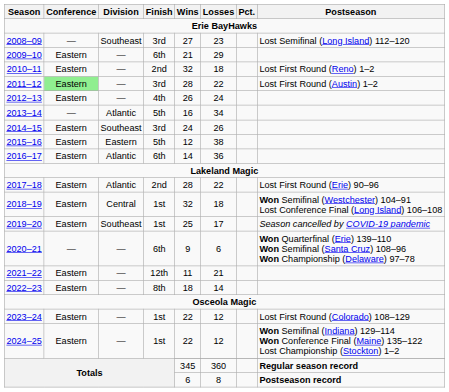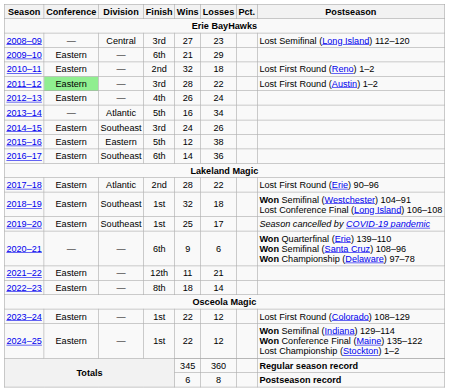 <table class="wikitable" style="font-size:95%; text-align:center">
 <tr>
 <th>Season</th>
 <th>Conference</th>
 <th>Division</th>
 <th>Finish</th>
 <th>Wins</th>
 <th>Losses</th>
 <th>Pct.</th>
 <th>Postseason</th>
 </tr>
 <tr>
 <td colspan=8><strong>Erie BayHawks</strong></td>
 </tr>
 <tr>
 <td><a href='#'>2008–09</a></td>
 <td>—</td>
-<td>Southeast</td>
+<td>Central</td>
 <td>3rd</td>
 <td>27</td>
 <td>23</td>
 <td></td>
 <td align=left>Lost Semifinal (<a href='#'>Long Island</a>) 112–120</td>
 </tr>
 <tr>
 <td><a href='#'>2009–10</a></td>
 <td>Eastern</td>
 <td>—</td>
 <td>6th</td>
 <td>21</td>
 <td>29</td>
 <td></td>
 <td></td>
 </tr>
 <tr>
 <td><a href='#'>2010–11</a></td>
 <td>Eastern</td>
 <td>—</td>
 <td>2nd</td>
 <td>32</td>
 <td>18</td>
 <td></td>
 <td align=left>Lost First Round (<a href='#'>Reno</a>) 1–2</td>
 </tr>
 <tr>
 <td><a href='#'>2011–12</a></td>
 <td style="background: lightgreen;">Eastern</td>
 <td>—</td>
 <td>3rd</td>
 <td>28</td>
 <td>22</td>
 <td></td>
 <td align=left>Lost First Round (<a href='#'>Austin</a>) 1–2</td>
 </tr>
 <tr>
 <td><a href='#'>2012–13</a></td>
 <td>Eastern</td>
 <td>—</td>
 <td>4th</td>
 <td>26</td>
 <td>24</td>
 <td></td>
 <td></td>
 </tr>
 <tr>
 <td><a href='#'>2013–14</a></td>
 <td>—</td>
 <td>Atlantic</td>
 <td>5th</td>
 <td>16</td>
 <td>34</td>
 <td></td>
 <td></td>
 </tr>
 <tr>
 <td><a href='#'>2014–15</a></td>
 <td>Eastern</td>
 <td>Southeast</td>
 <td>3rd</td>
 <td>24</td>
 <td>26</td>
 <td></td>
 <td></td>
 </tr>
 <tr>
 <td><a href='#'>2015–16</a></td>
 <td>Eastern</td>
 <td>Eastern</td>
 <td>5th</td>
 <td>12</td>
 <td>38</td>
 <td></td>
 <td></td>
 </tr>
 <tr>
 <td><a href='#'>2016–17</a></td>
 <td>Eastern</td>
-<td>Atlantic</td>
+<td>Southeast</td>
 <td>6th</td>
 <td>14</td>
 <td>36</td>
 <td></td>
 <td></td>
 </tr>
 <tr>
 <td colspan=8 style="text-align:center; "><strong>Lakeland Magic</strong></td>
 </tr>
 <tr>
 <td><a href='#'>2017–18</a></td>
 <td>Eastern</td>
 <td>Atlantic</td>
 <td>2nd</td>
 <td>28</td>
 <td>22</td>
 <td></td>
 <td align=left>Lost First Round (<a href='#'>Erie</a>) 90–96</td>
 </tr>
 <tr>
 <td><a href='#'>2018–19</a></td>
 <td>Eastern</td>
-<td>Central</td>
+<td>Southeast</td>
 <td>1st</td>
 <td>32</td>
 <td>18</td>
 <td></td>
 <td align=left><strong>Won</strong> Semifinal (<a href='#'>Westchester</a>) 104–91<br>Lost Conference Final (<a href='#'>Long Island</a>) 106–108</td>
 </tr>
 <tr>
 <td><a href='#'>2019–20</a></td>
 <td>Eastern</td>
 <td>Southeast</td>
 <td>1st</td>
 <td>25</td>
 <td>17</td>
 <td></td>
 <td align=left><em>Season cancelled by <a href='#'>COVID-19 pandemic</a></em></td>
 </tr>
 <tr>
 <td><a href='#'>2020–21</a></td>
 <td>—</td>
 <td>—</td>
 <td>6th</td>
 <td>9</td>
 <td>6</td>
 <td></td>
 <td align=left><strong>Won</strong> Quarterfinal (<a href='#'>Erie</a>) 139–110<br><strong>Won</strong> Semifinal (<a href='#'>Santa Cruz</a>) 108–96<br><strong>Won</strong> Championship (<a href='#'>Delaware</a>) 97–78</td>
 </tr>
 <tr>
 <td><a href='#'>2021–22</a></td>
 <td>Eastern</td>
 <td>—</td>
 <td>12th</td>
 <td>11</td>
 <td>21</td>
 <td></td>
 <td></td>
 </tr>
 <tr>
 <td><a href='#'>2022–23</a></td>
 <td>Eastern</td>
 <td>—</td>
 <td>8th</td>
 <td>18</td>
 <td>14</td>
 <td></td>
 <td></td>
 </tr>
 <tr>
 <td colspan=8 style="text-align:center; "><strong>Osceola Magic</strong></td>
 </tr>
 <tr>
 <td><a href='#'>2023–24</a></td>
 <td>Eastern</td>
 <td>—</td>
 <td>1st</td>
 <td>22</td>
 <td>12</td>
 <td></td>
 <td align=left>Lost First Round (<a href='#'>Colorado</a>) 108–129</td>
 </tr>
 <tr>
 <td><a href='#'>2024–25</a></td>
 <td>Eastern</td>
 <td>—</td>
 <td>1st</td>
 <td>22</td>
 <td>12</td>
 <td></td>
 <td align=left><strong>Won</strong> Semifinal (<a href='#'>Indiana</a>) 129–114<br><strong> Won</strong> Conference Final (<a href='#'>Maine</a>) 135–122<br>Lost Championship (<a href='#'>Stockton</a>) 1–2</td>
 </tr>
 <tr>
 <th colspan=4 rowspan=4>Totals</th>
 </tr>
 <tr>
 <td>345</td>
 <td>360</td>
 <td></td>
 <td align="left"><strong>Regular season record</strong></td>
 </tr>
 <tr>
 <td>6</td>
 <td>8</td>
 <td></td>
 <td align="left"><strong>Postseason record</strong></td>
 </tr>
 </table>
